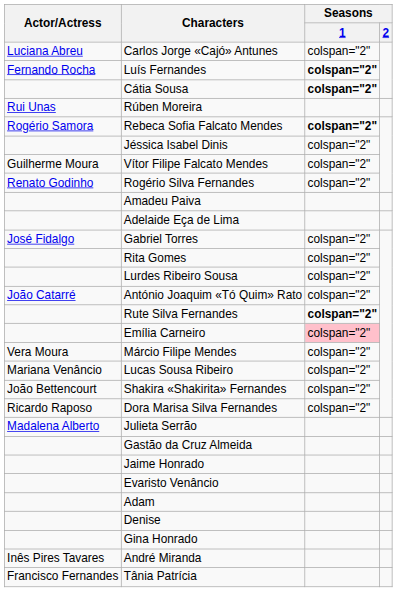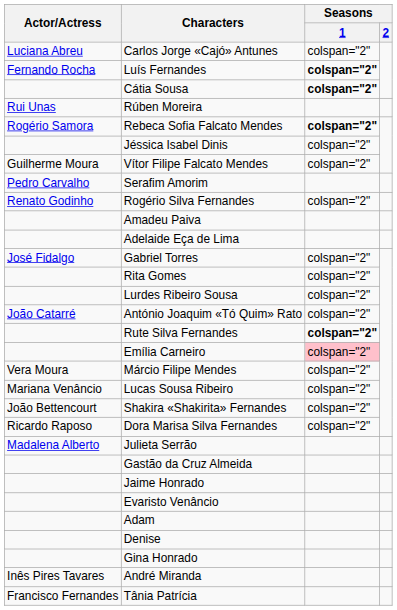 <table class="wikitable">
 <tr>
 <th rowspan="2">Actor/Actress</th>
 <th rowspan="2">Characters</th>
 <th colspan="2">Seasons</th>
 </tr>
 <tr>
 <th><a href='#'>1</a></th>
 <th><a href='#'>2</a></th>
 </tr>
 <tr>
 <td><a href='#'>Luciana Abreu</a></td>
 <td>Carlos Jorge «Cajó» Antunes</td>
 <td>colspan="2" </td>
 </tr>
 <tr>
 <td><a href='#'>Fernando Rocha</a></td>
 <td>Luís Fernandes</td>
 <td><strong>colspan="2" </strong></td>
 </tr>
 <tr>
 <td></td>
 <td>Cátia Sousa</td>
 <td><strong>colspan="2" </strong></td>
 </tr>
 <tr>
 <td><a href='#'>Rui Unas</a></td>
 <td>Rúben Moreira</td>
 <td></td>
 <td></td>
 </tr>
 <tr>
 <td><a href='#'>Rogério Samora</a></td>
 <td>Rebeca Sofia Falcato Mendes</td>
 <td><strong>colspan="2" </strong></td>
 </tr>
 <tr>
 <td></td>
 <td>Jéssica Isabel Dinis</td>
 <td>colspan="2" </td>
 </tr>
 <tr>
 <td>Guilherme Moura</td>
 <td>Vítor Filipe Falcato Mendes</td>
 <td>colspan="2" </td>
+</tr>
+<tr>
+<td><a href='#'>Pedro Carvalho</a></td>
+<td>Serafim Amorim</td>
+<td></td>
+<td></td>
 </tr>
 <tr>
 <td><a href='#'>Renato Godinho</a></td>
 <td>Rogério Silva Fernandes</td>
 <td>colspan="2" </td>
 </tr>
 <tr>
 <td></td>
 <td>Amadeu Paiva</td>
 <td></td>
 <td></td>
 </tr>
 <tr>
 <td></td>
 <td>Adelaide Eça de Lima</td>
 <td></td>
 <td></td>
 </tr>
 <tr>
 <td><a href='#'>José Fidalgo</a></td>
 <td>Gabriel Torres</td>
 <td>colspan="2" </td>
 </tr>
 <tr>
 <td></td>
 <td>Rita Gomes</td>
 <td>colspan="2" </td>
 </tr>
 <tr>
 <td></td>
 <td>Lurdes Ribeiro Sousa</td>
 <td>colspan="2" </td>
 </tr>
 <tr>
 <td><a href='#'>João Catarré</a></td>
 <td>António Joaquim «Tó Quim» Rato</td>
 <td>colspan="2" </td>
 </tr>
 <tr>
 <td></td>
 <td>Rute Silva Fernandes</td>
 <td><strong>colspan="2" </strong></td>
 </tr>
 <tr>
 <td></td>
 <td>Emília Carneiro</td>
 <td style="background: pink;">colspan="2" </td>
 </tr>
 <tr>
 <td>Vera Moura</td>
 <td>Márcio Filipe Mendes</td>
 <td>colspan="2" </td>
 </tr>
 <tr>
 <td>Mariana Venâncio</td>
 <td>Lucas Sousa Ribeiro</td>
 <td>colspan="2" </td>
 </tr>
 <tr>
 <td>João Bettencourt</td>
 <td>Shakira «Shakirita» Fernandes</td>
 <td>colspan="2" </td>
 </tr>
 <tr>
 <td>Ricardo Raposo</td>
 <td>Dora Marisa Silva Fernandes</td>
 <td>colspan="2" </td>
 </tr>
 <tr>
 <td><a href='#'>Madalena Alberto</a></td>
 <td>Julieta Serrão</td>
 <td></td>
 <td></td>
 </tr>
 <tr>
 <td></td>
 <td>Gastão da Cruz Almeida</td>
 <td></td>
 <td></td>
 </tr>
 <tr>
 <td></td>
 <td>Jaime Honrado</td>
 <td></td>
 <td></td>
 </tr>
 <tr>
 <td></td>
 <td>Evaristo Venâncio</td>
 <td></td>
 <td></td>
 </tr>
 <tr>
 <td></td>
 <td>Adam</td>
 <td></td>
 <td></td>
 </tr>
 <tr>
 <td></td>
 <td>Denise</td>
 <td></td>
 <td></td>
 </tr>
 <tr>
 <td></td>
 <td>Gina Honrado</td>
 <td></td>
 <td></td>
 </tr>
 <tr>
 <td>Inês Pires Tavares</td>
 <td>André Miranda</td>
 <td></td>
 <td></td>
 </tr>
 <tr>
 <td>Francisco Fernandes</td>
 <td>Tânia Patrícia</td>
 <td></td>
 <td></td>
 </tr>
 </table>
